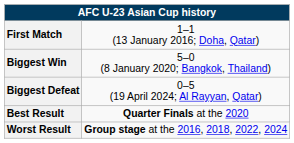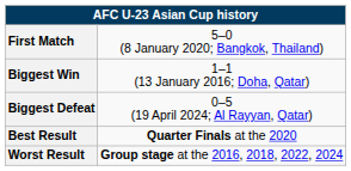 <table class="wikitable" style="text-align: center; font-size:100%">
 <tr>
 <th colspan="6" style="background: #013A5E; color: #FFFFFF;">AFC U-23 Asian Cup history</th>
 </tr>
 <tr>
 <th style="text-align: left;">First Match</th>
-<td align=center> 1–1 <br>(13 January 2016; <a href='#'>Doha</a>, <a href='#'>Qatar</a>)</td>
+<td align=center> 5–0 <br>(8 January 2020; <a href='#'>Bangkok</a>, <a href='#'>Thailand</a>)</td>
 </tr>
 <tr>
 <th style="text-align: left;">Biggest Win</th>
-<td align=center> 5–0 <br>(8 January 2020; <a href='#'>Bangkok</a>, <a href='#'>Thailand</a>)</td>
+<td align=center> 1–1 <br>(13 January 2016; <a href='#'>Doha</a>, <a href='#'>Qatar</a>)</td>
 </tr>
 <tr>
 <th style="text-align: left;">Biggest Defeat</th>
 <td align=center> 0–5 <br>(19 April 2024; <a href='#'>Al Rayyan</a>, <a href='#'>Qatar</a>)</td>
 </tr>
 <tr>
 <th style="text-align: left;">Best Result</th>
 <td><strong>Quarter Finals</strong> at the <a href='#'>2020</a></td>
 </tr>
 <tr>
 <th style="text-align: left;">Worst Result</th>
 <td><strong>Group stage</strong> at the <a href='#'>2016</a>, <a href='#'>2018</a>, <a href='#'>2022</a>, <a href='#'>2024</a></td>
 </tr>
 </table>
